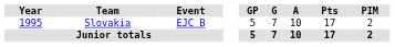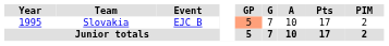 <table border="0" cellpadding="1" cellspacing="0" style="text-align:center; width:40em">
 <tr ALIGN="center" bgcolor="#e0e0e0">
 <th>Year</th>
 <th>Team</th>
 <th>Event</th>
 <th rowspan="99" bgcolor="#ffffff"> </th>
 <th>GP</th>
 <th>G</th>
 <th>A</th>
 <th>Pts</th>
 <th>PIM</th>
 </tr>
 <tr>
 <td><a href='#'>1995</a></td>
 <td><a href='#'>Slovakia</a></td>
 <td><a href='#'>EJC B</a></td>
-<td>5</td>
+<td style="background: lightsalmon;">5</td>
 <td>7</td>
 <td>10</td>
 <td>17</td>
 <td>2</td>
 </tr>
 <tr bgcolor="#e0e0e0">
 <th colspan="3">Junior totals</th>
 <th>5</th>
 <th>7</th>
 <th>10</th>
 <th>17</th>
 <th>2</th>
 </tr>
 </table>
